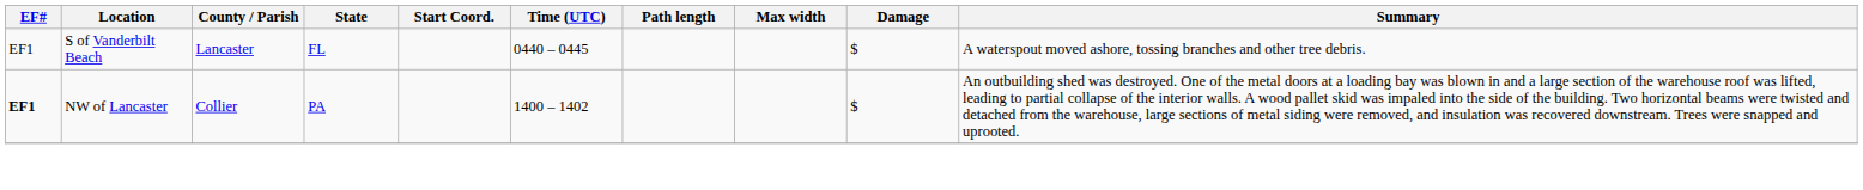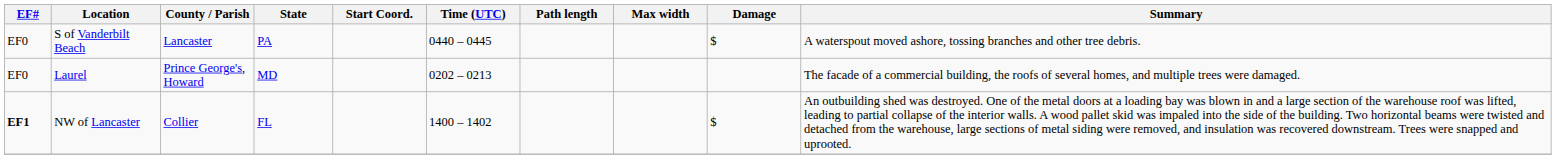 <table class="wikitable sortable" style="width:100%;">
 <tr>
 <th scope="col" width="3%" align="center"><a href='#'>EF#</a></th>
 <th scope="col" width="7%" align="center" class="unsortable">Location</th>
 <th scope="col" width="6%" align="center" class="unsortable">County / Parish</th>
 <th scope="col" width="5%" align="center">State</th>
 <th scope="col" width="6%" align="center">Start Coord.</th>
 <th scope="col" width="6%" align="center">Time (<a href='#'>UTC</a>)</th>
 <th scope="col" width="6%" align="center">Path length</th>
 <th scope="col" width="6%" align="center">Max width</th>
 <th scope="col" width="6%" align="center">Damage</th>
 <th scope="col" width="48%" class="unsortable" align="center">Summary</th>
 </tr>
 <tr>
-<td>EF1</td>
+<td>EF0</td>
 <td>S of <a href='#'>Vanderbilt Beach</a></td>
 <td><a href='#'>Lancaster</a></td>
-<td><a href='#'>FL</a></td>
+<td><a href='#'>PA</a></td>
 <td></td>
 <td>0440 – 0445</td>
 <td></td>
 <td></td>
 <td>$</td>
 <td>A waterspout moved ashore, tossing branches and other tree debris.</td>
 </tr>
 <tr>
+<td>EF0</td>
+<td><a href='#'>Laurel</a></td>
+<td><a href='#'>Prince George's</a>, <a href='#'>Howard</a></td>
+<td><a href='#'>MD</a></td>
+<td></td>
+<td>0202 – 0213</td>
+<td></td>
+<td></td>
+<td></td>
+<td>The facade of a commercial building, the roofs of several homes, and multiple trees were damaged.</td>
+</tr>
+<tr>
 <td><strong>EF1</strong></td>
 <td>NW of <a href='#'>Lancaster</a></td>
 <td><a href='#'>Collier</a></td>
-<td><a href='#'>PA</a></td>
+<td><a href='#'>FL</a></td>
 <td></td>
 <td>1400 – 1402</td>
 <td></td>
 <td></td>
 <td>$</td>
 <td>An outbuilding shed was destroyed. One of the metal doors at a loading bay was blown in and a large section of the warehouse roof was lifted, leading to partial collapse of the interior walls. A wood pallet skid was impaled into the side of the building. Two horizontal beams were twisted and detached from the warehouse, large sections of metal siding were removed, and insulation was recovered downstream. Trees were snapped and uprooted.</td>
 </tr>
 <tr>
 </tr>
 </table>
